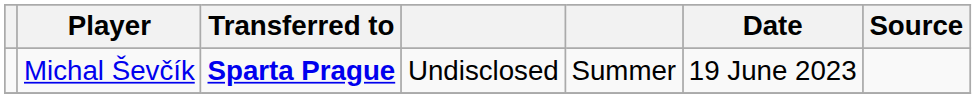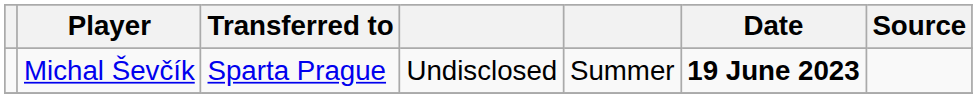 <table class="wikitable plainrowheaders sortable">
 <tr>
 <th></th>
 <th scope=col>Player</th>
 <th scope=col>Transferred to</th>
 <th></th>
 <th></th>
 <th scope=col>Date</th>
 <th scope=col>Source</th>
 </tr>
 <tr>
 <td align=center></td>
 <td align="left"> <a href='#'>Michal Ševčík</a></td>
-<td align="left"><strong> <a href='#'>Sparta Prague</a></strong></td>
+<td align="left"> <a href='#'>Sparta Prague</a></td>
 <td>Undisclosed</td>
 <td>Summer</td>
-<td>19 June 2023</td>
+<td><strong>19 June 2023</strong></td>
 <td></td>
 </tr>
 <tr>
 </tr>
 </table>
